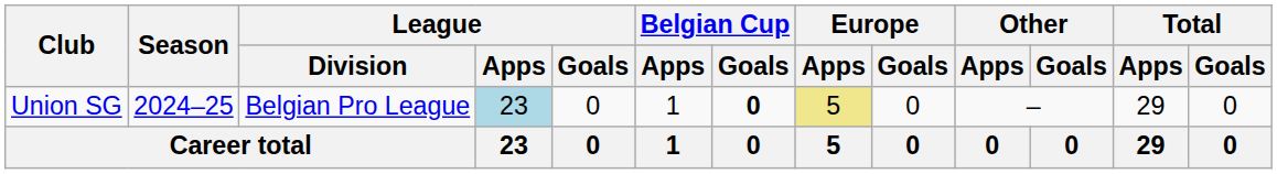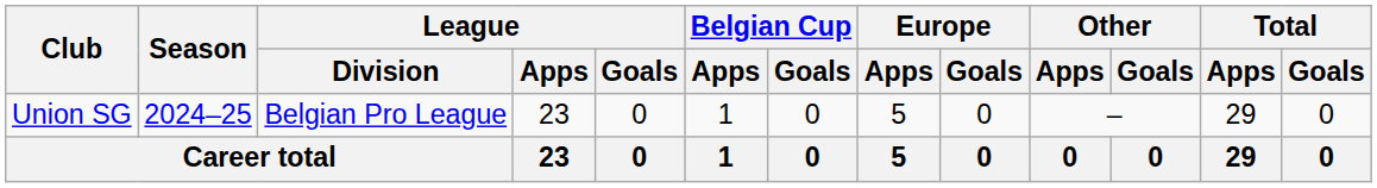 <table class="wikitable" style="text-align:center">
 <tr>
 <th rowspan="2">Club</th>
 <th rowspan="2">Season</th>
 <th colspan="3">League</th>
 <th colspan="2"><a href='#'>Belgian Cup</a></th>
 <th colspan="2">Europe</th>
 <th colspan="2">Other</th>
 <th colspan="2">Total</th>
 </tr>
 <tr>
 <th>Division</th>
 <th>Apps</th>
 <th>Goals</th>
 <th>Apps</th>
 <th>Goals</th>
 <th>Apps</th>
 <th>Goals</th>
 <th>Apps</th>
 <th>Goals</th>
 <th>Apps</th>
 <th>Goals</th>
 </tr>
 <tr>
 <td><a href='#'>Union SG</a></td>
 <td><a href='#'>2024–25</a></td>
 <td><a href='#'>Belgian Pro League</a></td>
-<td style="background: lightblue;">23</td>
+<td>23</td>
 <td>0</td>
 <td>1</td>
-<td><strong>0</strong></td>
-<td style="background: khaki;">5</td>
+<td>0</td>
+<td>5</td>
 <td>0</td>
 <td colspan="2">–</td>
 <td>29</td>
 <td>0</td>
 </tr>
 <tr>
 <th colspan="3">Career total</th>
 <th>23</th>
 <th>0</th>
 <th>1</th>
 <th>0</th>
 <th>5</th>
 <th>0</th>
 <th>0</th>
 <th>0</th>
 <th>29</th>
 <th>0</th>
 </tr>
 </table>
